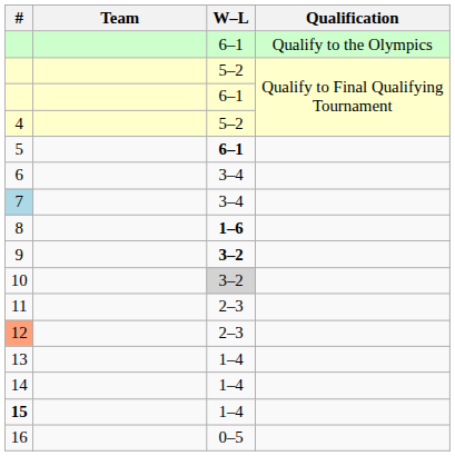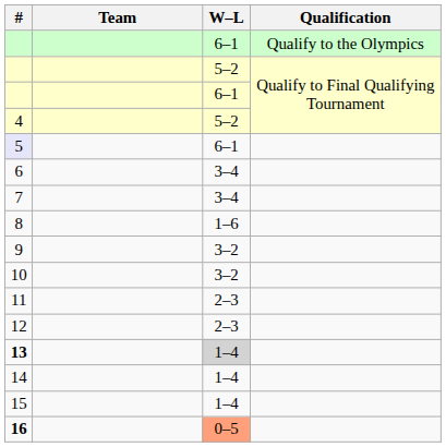 <table class=wikitable style="text-align:center;">
 <tr>
 <th width=20px>#</th>
 <th width=160px>Team</th>
 <th width=40px>W–L</th>
 <th width=180px>Qualification</th>
 </tr>
 <tr bgcolor=#CCFFCC>
 <td></td>
 <td align=left></td>
 <td>6–1</td>
 <td>Qualify to the Olympics</td>
 </tr>
 <tr bgcolor=#FFFFCC>
 <td></td>
 <td align=left></td>
 <td>5–2</td>
 <td rowspan=3>Qualify to Final Qualifying Tournament</td>
 </tr>
 <tr bgcolor=#FFFFCC>
 <td></td>
 <td align=left></td>
 <td>6–1</td>
 </tr>
 <tr bgcolor=#FFFFCC>
 <td>4</td>
 <td align=left></td>
 <td>5–2</td>
 </tr>
 <tr>
-<td>5</td>
+<td style="background: lavender;">5</td>
 <td align=left></td>
-<td><strong>6–1</strong></td>
+<td>6–1</td>
 <td></td>
 </tr>
 <tr>
 <td>6</td>
 <td align=left></td>
 <td>3–4</td>
 <td></td>
 </tr>
 <tr>
-<td style="background: lightblue;">7</td>
+<td>7</td>
 <td align=left></td>
 <td>3–4</td>
 <td></td>
 </tr>
 <tr>
 <td>8</td>
 <td align=left></td>
-<td><strong>1–6</strong></td>
+<td>1–6</td>
 <td></td>
 </tr>
 <tr>
 <td>9</td>
 <td align=left></td>
-<td><strong>3–2</strong></td>
+<td>3–2</td>
 <td></td>
 </tr>
 <tr>
 <td>10</td>
 <td align=left></td>
-<td style="background: lightgrey;">3–2</td>
+<td>3–2</td>
 <td></td>
 </tr>
 <tr>
 <td>11</td>
 <td align=left></td>
 <td>2–3</td>
 <td></td>
 </tr>
 <tr>
-<td style="background: lightsalmon;">12</td>
+<td>12</td>
 <td align=left></td>
 <td>2–3</td>
 <td></td>
 </tr>
 <tr>
-<td>13</td>
+<td><strong>13</strong></td>
 <td align=left></td>
-<td>1–4</td>
+<td style="background: lightgrey;">1–4</td>
 <td></td>
 </tr>
 <tr>
 <td>14</td>
 <td align=left></td>
 <td>1–4</td>
 <td></td>
 </tr>
 <tr>
-<td><strong>15</strong></td>
+<td>15</td>
 <td align=left></td>
 <td>1–4</td>
 <td></td>
 </tr>
 <tr>
-<td>16</td>
+<td><strong>16</strong></td>
 <td align=left></td>
-<td>0–5</td>
+<td style="background: lightsalmon;">0–5</td>
 <td></td>
 </tr>
 </table>
